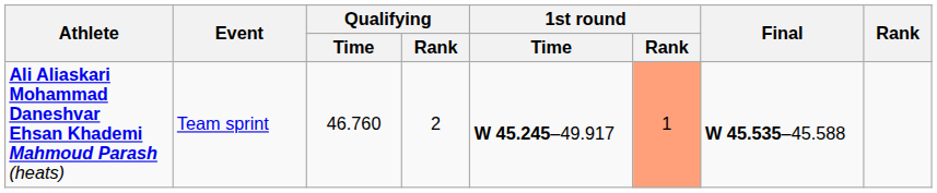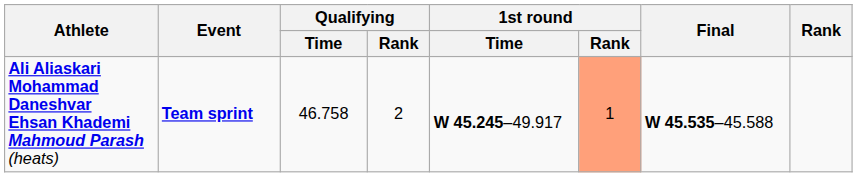 <table class="wikitable" width="85%" style="text-align:center; font-size:90%">
 <tr>
 <th rowspan="2" width="11%">Athlete</th>
 <th rowspan="2" width="9%">Event</th>
 <th colspan="2">Qualifying</th>
 <th colspan="2">1st round</th>
 <th rowspan="2" width="11%">Final</th>
 <th rowspan="2" width="3%">Rank</th>
 </tr>
 <tr>
 <th width="6%">Time</th>
 <th width="3%">Rank</th>
 <th width="11%">Time</th>
 <th width="3%">Rank</th>
 </tr>
 <tr>
 <td align="left"><strong><a href='#'>Ali Aliaskari</a><br><a href='#'>Mohammad Daneshvar</a><br><a href='#'>Ehsan Khademi</a></strong><br><strong><em><a href='#'>Mahmoud Parash</a></em></strong> <em>(heats)</em></td>
-<td align="left"><a href='#'>Team sprint</a></td>
-<td>46.760</td>
+<td align="left"><strong><a href='#'>Team sprint</a></strong></td>
+<td>46.758</td>
 <td>2 <strong></strong></td>
 <td align="left"><br><strong>W</strong> <strong>45.245</strong>–49.917</td>
 <td style="background: lightsalmon;">1 <strong></strong></td>
 <td align="left"><br><strong>W</strong> <strong>45.535</strong>–45.588</td>
 <td></td>
 </tr>
 </table>
